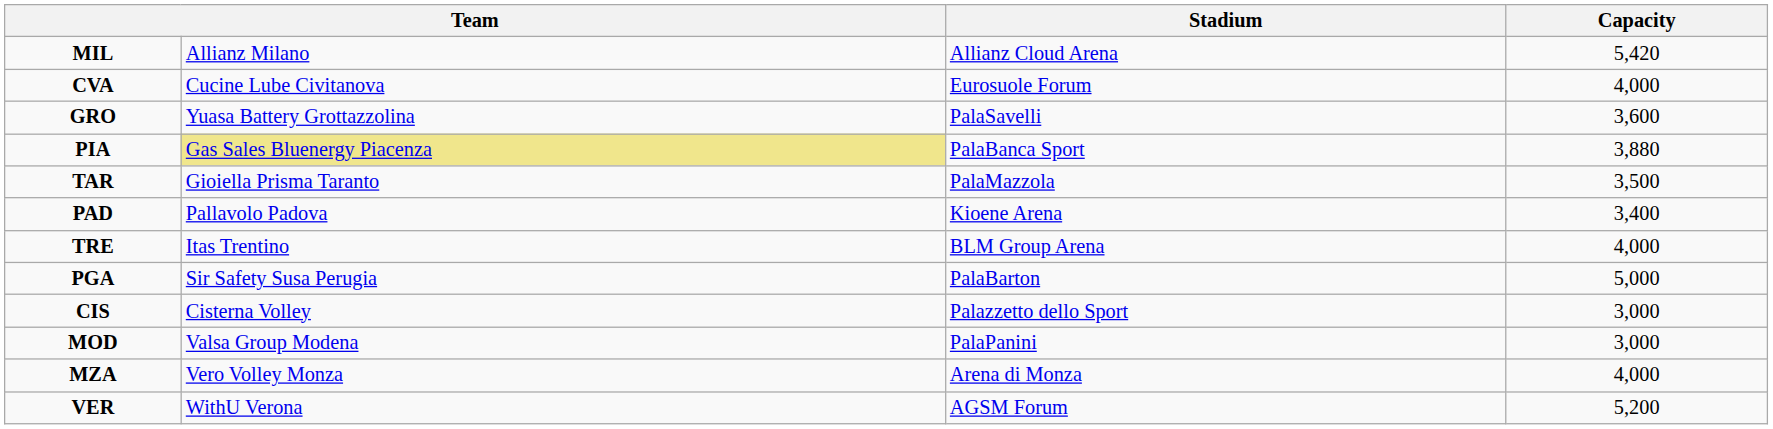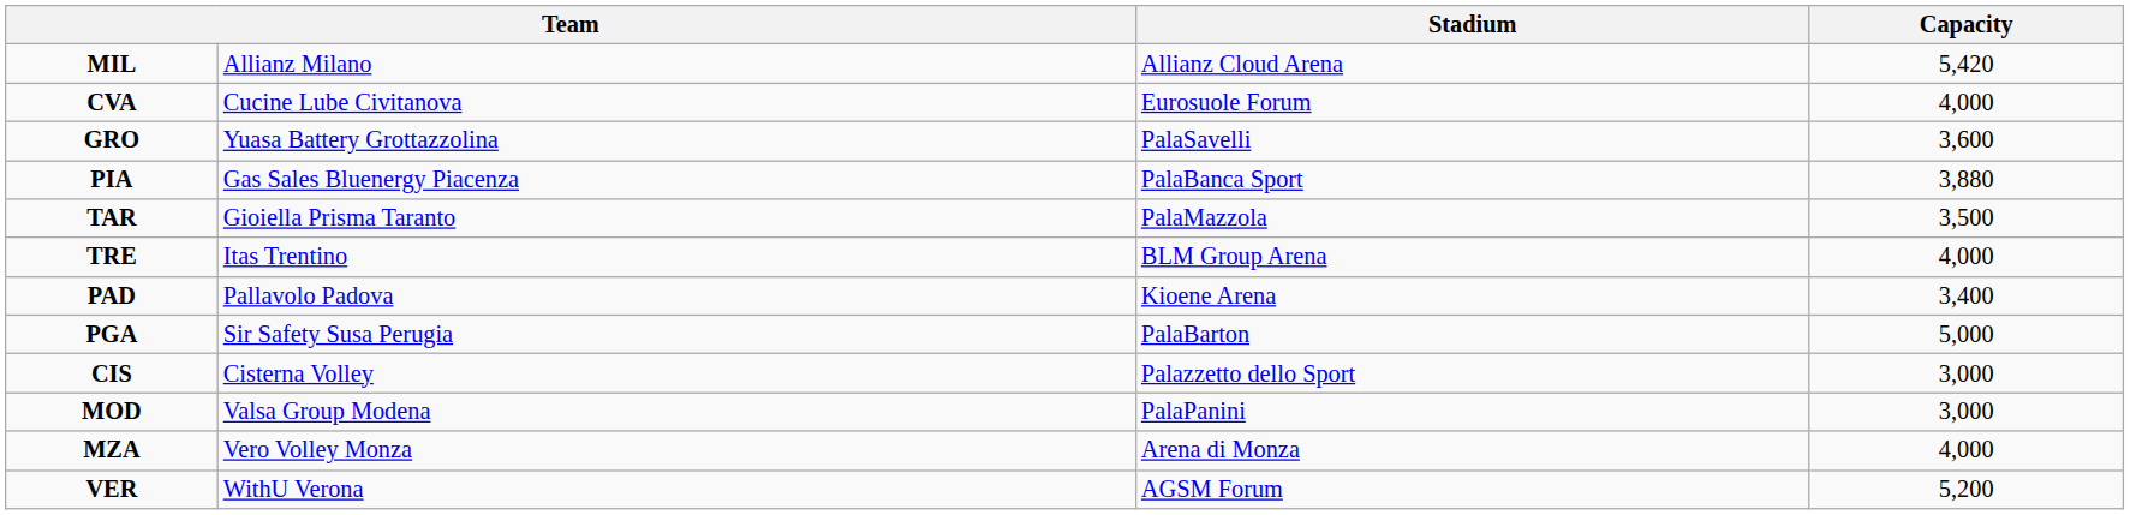 <table class="wikitable" width=70%>
 <tr>
 <th colspan=2 style="text-align: center; border: 1px solid darkgrey;">Team</th>
 <th style="text-align: center; border: 1px solid darkgrey;">Stadium</th>
 <th style="text-align: center; border: 1px solid darkgrey;">Capacity</th>
 </tr>
 <tr>
 <td style="text-align: center; border: 1px solid darkgrey;"><strong>MIL</strong></td>
 <td style="text-align: left; border: 1px solid darkgrey;"><a href='#'>Allianz Milano</a></td>
 <td style="text-align: left; border: 1px solid darkgrey;"><a href='#'>Allianz Cloud Arena</a></td>
 <td style="text-align: center; border: 1px solid darkgrey;">5,420</td>
 </tr>
 <tr>
 <td style="text-align: center; border: 1px solid darkgrey;"><strong>CVA</strong></td>
 <td style="text-align: left; border: 1px solid darkgrey;"><a href='#'>Cucine Lube Civitanova</a></td>
 <td style="text-align: left; border: 1px solid darkgrey;"><a href='#'>Eurosuole Forum</a></td>
 <td style="text-align: center; border: 1px solid darkgrey;">4,000</td>
 </tr>
 <tr>
 <td style="text-align: center; border: 1px solid darkgrey;"><strong>GRO</strong></td>
 <td style="text-align: left; border: 1px solid darkgrey"><a href='#'>Yuasa Battery Grottazzolina</a></td>
 <td style="text-align: left; border: 1px solid darkgrey;"><a href='#'>PalaSavelli</a></td>
 <td style="text-align: center; border: 1px solid darkgrey;">3,600</td>
 </tr>
 <tr>
 <td style="text-align: center; border: 1px solid darkgrey;"><strong>PIA</strong></td>
-<td style="background: khaki; text-align: left; border: 1px solid darkgrey;"><a href='#'>Gas Sales Bluenergy Piacenza</a></td>
+<td style="text-align: left; border: 1px solid darkgrey;"><a href='#'>Gas Sales Bluenergy Piacenza</a></td>
 <td style="text-align: left; border: 1px solid darkgrey;"><a href='#'>PalaBanca Sport</a></td>
 <td style="text-align: center; border: 1px solid darkgrey;">3,880</td>
 </tr>
 <tr>
 <td style="text-align: center; border: 1px solid darkgrey;"><strong>TAR</strong></td>
 <td style="text-align: left; border: 1px solid darkgrey;"><a href='#'>Gioiella Prisma Taranto</a></td>
 <td style="text-align: left; border: 1px solid darkgrey;"><a href='#'>PalaMazzola</a></td>
 <td style="text-align: center; border: 1px solid darkgrey;">3,500</td>
 </tr>
 <tr>
+<td style="text-align: center; border: 1px solid darkgrey;"><strong>TRE</strong></td>
+<td style="text-align: left; border: 1px solid darkgrey;"><a href='#'>Itas Trentino</a></td>
+<td style="text-align: left; border: 1px solid darkgrey;"><a href='#'>BLM Group Arena</a></td>
+<td style="text-align: center; border: 1px solid darkgrey;">4,000</td>
+</tr>
+<tr>
 <td style="text-align: center; border: 1px solid darkgrey;"><strong>PAD</strong></td>
 <td style="text-align: left; border: 1px solid darkgrey;"><a href='#'>Pallavolo Padova</a></td>
 <td style="text-align: left; border: 1px solid darkgrey;"><a href='#'>Kioene Arena</a></td>
 <td style="text-align: center; border: 1px solid darkgrey;">3,400</td>
-</tr>
-<tr>
-<td style="text-align: center; border: 1px solid darkgrey;"><strong>TRE</strong></td>
-<td style="text-align: left; border: 1px solid darkgrey;"><a href='#'>Itas Trentino</a></td>
-<td style="text-align: left; border: 1px solid darkgrey;"><a href='#'>BLM Group Arena</a></td>
-<td style="text-align: center; border: 1px solid darkgrey;">4,000</td>
 </tr>
 <tr>
 <td style="text-align: center; border: 1px solid darkgrey;"><strong>PGA</strong></td>
 <td style="text-align: left; border: 1px solid darkgrey;"><a href='#'>Sir Safety Susa Perugia</a></td>
 <td style="text-align: left; border: 1px solid darkgrey;"><a href='#'>PalaBarton</a></td>
 <td style="text-align: center; border: 1px solid darkgrey;">5,000</td>
 </tr>
 <tr>
 <td style="text-align: center; border: 1px solid darkgrey;"><strong>CIS</strong></td>
 <td style="text-align: left; border: 1px solid darkgrey;"><a href='#'>Cisterna Volley</a></td>
 <td style="text-align: left; border: 1px solid darkgrey;"><a href='#'>Palazzetto dello Sport</a></td>
 <td style="text-align: center; border: 1px solid darkgrey;">3,000</td>
 </tr>
 <tr>
 <td style="text-align: center; border: 1px solid darkgrey;"><strong>MOD</strong></td>
 <td style="text-align: left; border: 1px solid darkgrey;"><a href='#'>Valsa Group Modena</a></td>
 <td style="text-align: left; border: 1px solid darkgrey;"><a href='#'>PalaPanini</a></td>
 <td style="text-align: center; border: 1px solid darkgrey;">3,000</td>
 </tr>
 <tr>
 <td style="text-align: center; border: 1px solid darkgrey;"><strong>MZA</strong></td>
 <td style="text-align: left; border: 1px solid darkgrey;"><a href='#'>Vero Volley Monza</a></td>
 <td style="text-align: left; border: 1px solid darkgrey;"><a href='#'>Arena di Monza</a></td>
 <td style="text-align: center; border: 1px solid darkgrey;">4,000</td>
 </tr>
 <tr>
 <td style="text-align: center; border: 1px solid darkgrey;"><strong>VER</strong></td>
 <td style="text-align: left; border: 1px solid darkgrey;"><a href='#'>WithU Verona</a></td>
 <td style="text-align: left; border: 1px solid darkgrey;"><a href='#'>AGSM Forum</a></td>
 <td style="text-align: center; border: 1px solid darkgrey;">5,200</td>
 </tr>
 </table>
